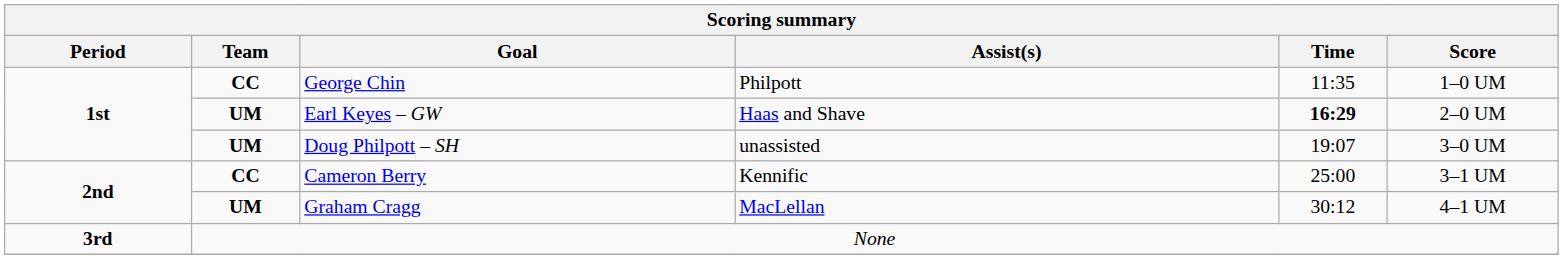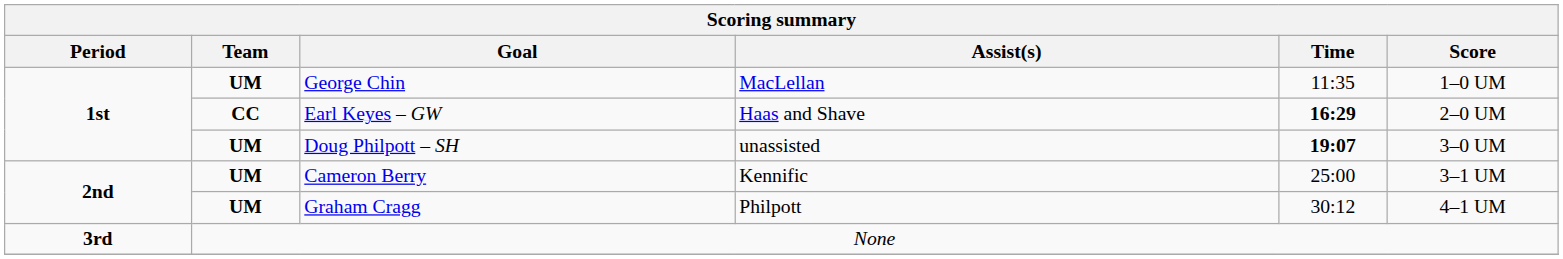 <table style="width:100%;" class="wikitable">
 <tr>
 <th colspan=6>Scoring summary</th>
 </tr>
 <tr>
 <th style="width:12%;">Period</th>
 <th style="width:7%;">Team</th>
 <th style="width:28%;">Goal</th>
 <th style="width:35%;">Assist(s)</th>
 <th style="width:7%;">Time</th>
 <th style="width:11%;">Score</th>
 </tr>
 <tr>
 <td style="text-align:center;" rowspan="3"><strong>1st</strong></td>
-<td align=center><strong>CC</strong></td>
+<td align=center><strong>UM</strong></td>
 <td><a href='#'>George Chin</a></td>
-<td>Philpott</td>
+<td><a href='#'>MacLellan</a></td>
 <td align=center>11:35</td>
 <td align=center>1–0 UM</td>
 </tr>
 <tr>
-<td align=center><strong>UM</strong></td>
+<td align=center><strong>CC</strong></td>
 <td><a href='#'>Earl Keyes</a> – <em>GW</em></td>
 <td><a href='#'>Haas</a> and Shave</td>
 <td align=center><strong>16:29</strong></td>
 <td align=center>2–0 UM</td>
 </tr>
 <tr>
 <td align=center><strong>UM</strong></td>
 <td><a href='#'>Doug Philpott</a> – <em>SH</em></td>
 <td>unassisted</td>
-<td align=center>19:07</td>
+<td align=center><strong>19:07</strong></td>
 <td align=center>3–0 UM</td>
 </tr>
 <tr>
 <td style="text-align:center;" rowspan="2"><strong>2nd</strong></td>
-<td align=center><strong>CC</strong></td>
+<td align=center><strong>UM</strong></td>
 <td><a href='#'>Cameron Berry</a></td>
 <td>Kennific</td>
 <td align=center>25:00</td>
 <td align=center>3–1 UM</td>
 </tr>
 <tr>
 <td align=center><strong>UM</strong></td>
 <td><a href='#'>Graham Cragg</a></td>
-<td><a href='#'>MacLellan</a></td>
+<td>Philpott</td>
 <td align=center>30:12</td>
 <td align=center>4–1 UM</td>
 </tr>
 <tr>
 <td style="text-align:center;" rowspan="1"><strong>3rd</strong></td>
 <td style="text-align:center;" colspan="5"><em>None</em></td>
 </tr>
 <tr>
 </tr>
 </table>
